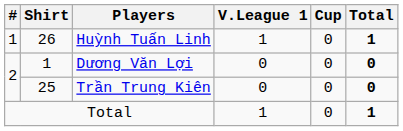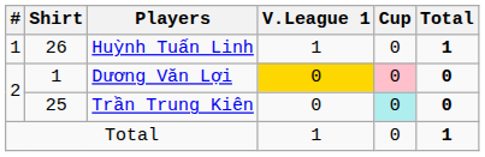 <table class="wikitable sortable" style="font-size: 95%; text-align: center;">
 <tr>
 <th>#</th>
 <th>Shirt</th>
 <th>Players</th>
 <th>V.League 1</th>
 <th>Cup</th>
 <th>Total</th>
 </tr>
 <tr>
 <td>1</td>
 <td>26</td>
 <td align="left"> <a href='#'>Huỳnh Tuấn Linh</a></td>
 <td>1</td>
 <td>0</td>
 <td><strong>1</strong></td>
 </tr>
 <tr>
 <td rowspan="2">2</td>
 <td>1</td>
 <td align="left"> <a href='#'>Dương Văn Lợi</a></td>
-<td>0</td>
-<td>0</td>
+<td style="background: gold;">0</td>
+<td style="background: pink;">0</td>
 <td><strong>0</strong></td>
 </tr>
 <tr>
 <td>25</td>
 <td align="left"> <a href='#'>Trần Trung Kiên</a></td>
 <td>0</td>
-<td>0</td>
+<td style="background: paleturquoise;">0</td>
 <td><strong>0</strong></td>
 </tr>
 <tr>
 <td colspan="3">Total</td>
 <td>1</td>
 <td>0</td>
 <td><strong>1</strong></td>
 </tr>
 </table>
